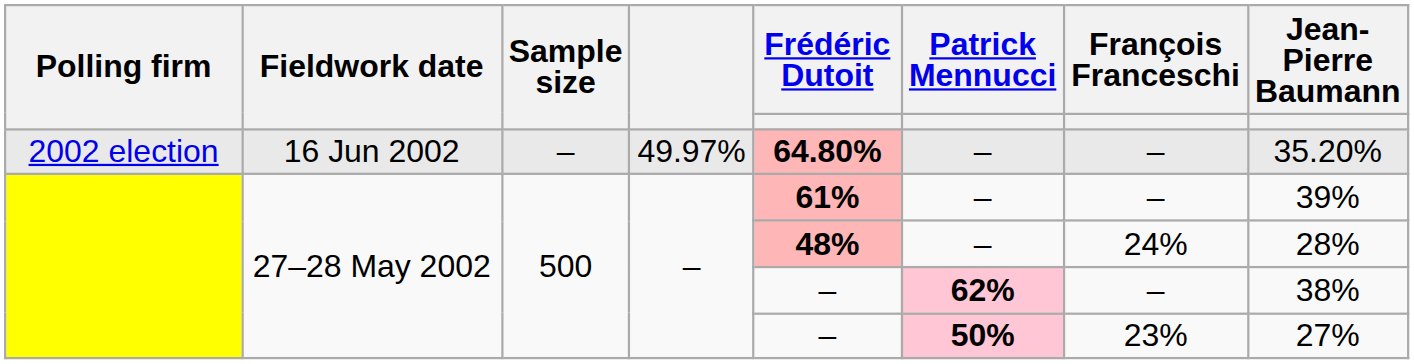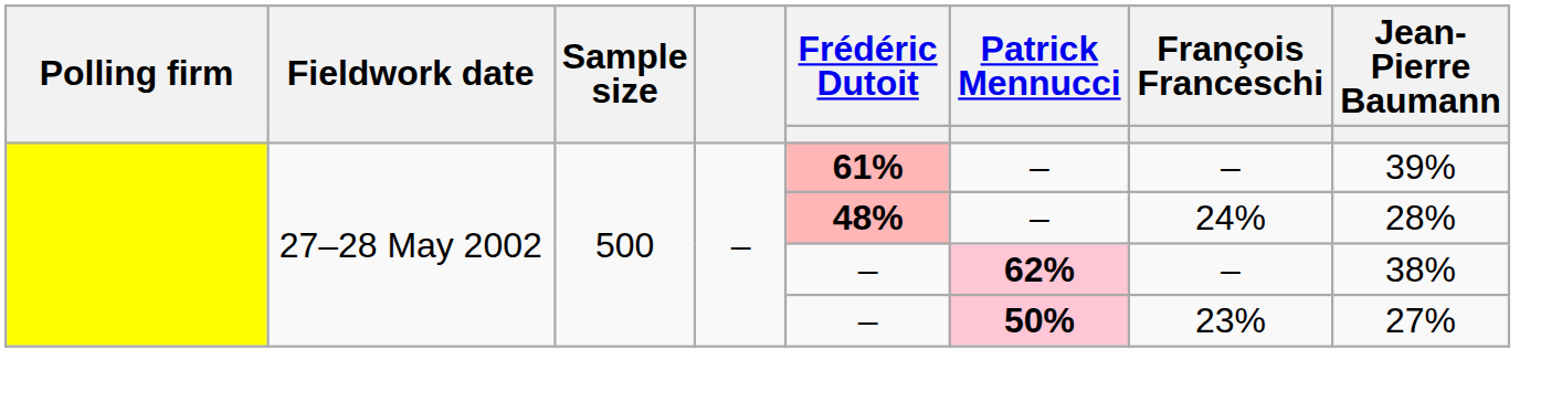 <table class="wikitable sortable" style="text-align:center;font-size:90%;line-height:14px;">
 <tr style="height:40px;">
 <th style="width:100px;" rowspan="2">Polling firm</th>
 <th style="width:110px;" rowspan="2">Fieldwork date</th>
 <th style="width:35px;" rowspan="2">Sample<br>size</th>
 <th style="width:30px;" rowspan="2"></th>
 <th class="unsortable" style="width:60px;"><a href='#'>Frédéric Dutoit</a><br></th>
 <th class="unsortable" style="width:60px;"><a href='#'>Patrick Mennucci</a><br></th>
 <th class="unsortable" style="width:60px;">François Franceschi<br></th>
 <th class="unsortable" style="width:60px;">Jean-Pierre Baumann<br></th>
 </tr>
 <tr>
 <th style="background:"></th>
 <th style="background:"></th>
 <th style="background:"></th>
 <th style="background:"></th>
-</tr>
-<tr style="background:#E9E9E9;">
-<td><a href='#'>2002 election</a></td>
-<td data-sort-value="2002-06-16">16 Jun 2002</td>
-<td>–</td>
-<td>49.97%</td>
-<td style="background:#FFB6B6;"><strong>64.80%</strong></td>
-<td>–</td>
-<td>–</td>
-<td>35.20%</td>
 </tr>
 <tr>
 <td rowspan="4" style="background:yellow;"></td>
 <td rowspan="4" data-sort-value="2002-05-28">27–28 May 2002</td>
 <td rowspan="4">500</td>
 <td rowspan="4">–</td>
 <td style="background:#FFB6B6;"><strong>61%</strong></td>
 <td>–</td>
 <td>–</td>
 <td>39%</td>
 </tr>
 <tr>
 <td style="background:#FFB6B6;"><strong>48%</strong></td>
 <td>–</td>
 <td>24%</td>
 <td>28%</td>
 </tr>
 <tr>
 <td>–</td>
 <td style="background:#FFC6D5;"><strong>62%</strong></td>
 <td>–</td>
 <td>38%</td>
 </tr>
 <tr>
 <td>–</td>
 <td style="background:#FFC6D5;"><strong>50%</strong></td>
 <td>23%</td>
 <td>27%</td>
 </tr>
 </table>
